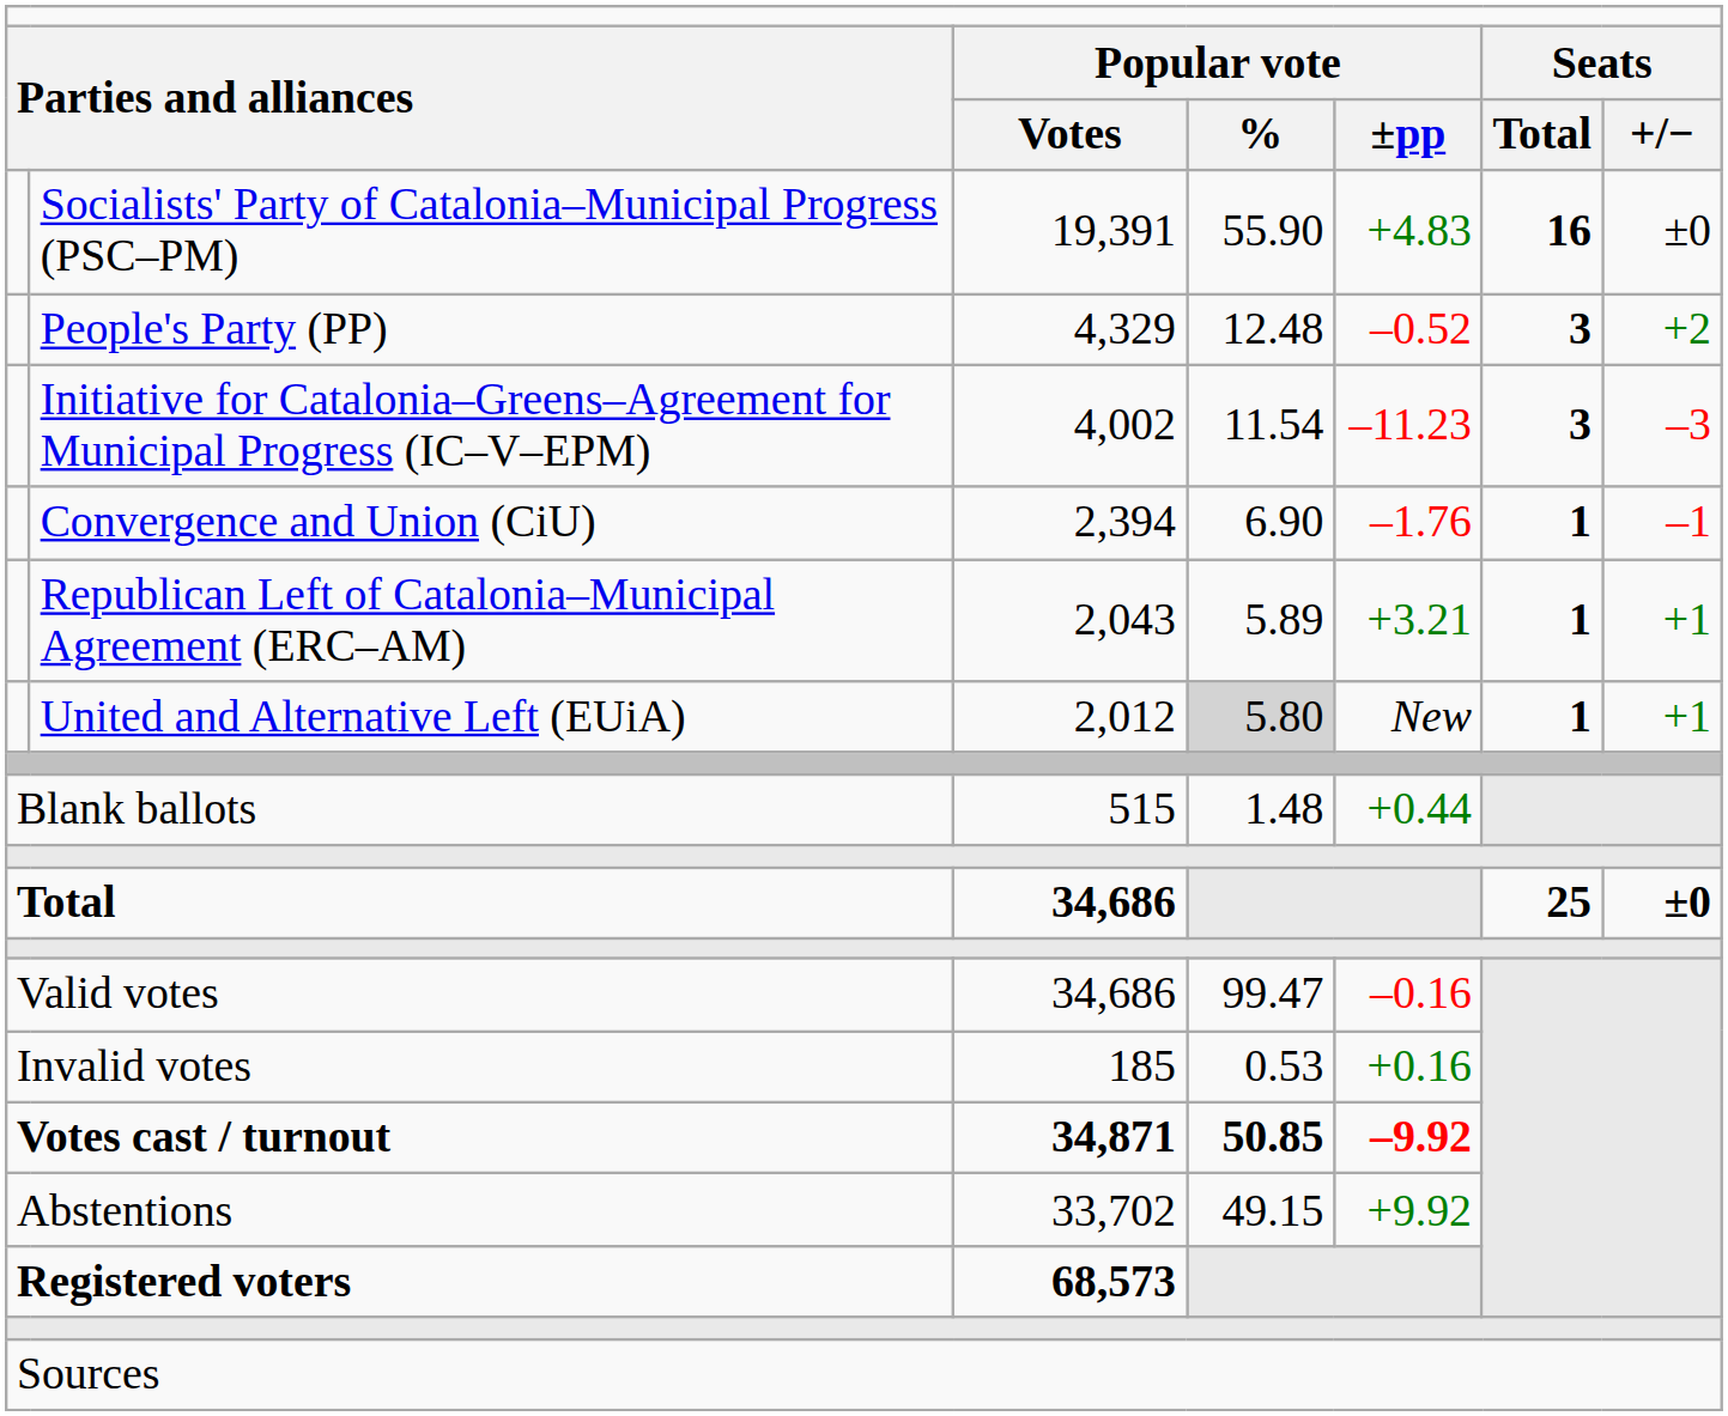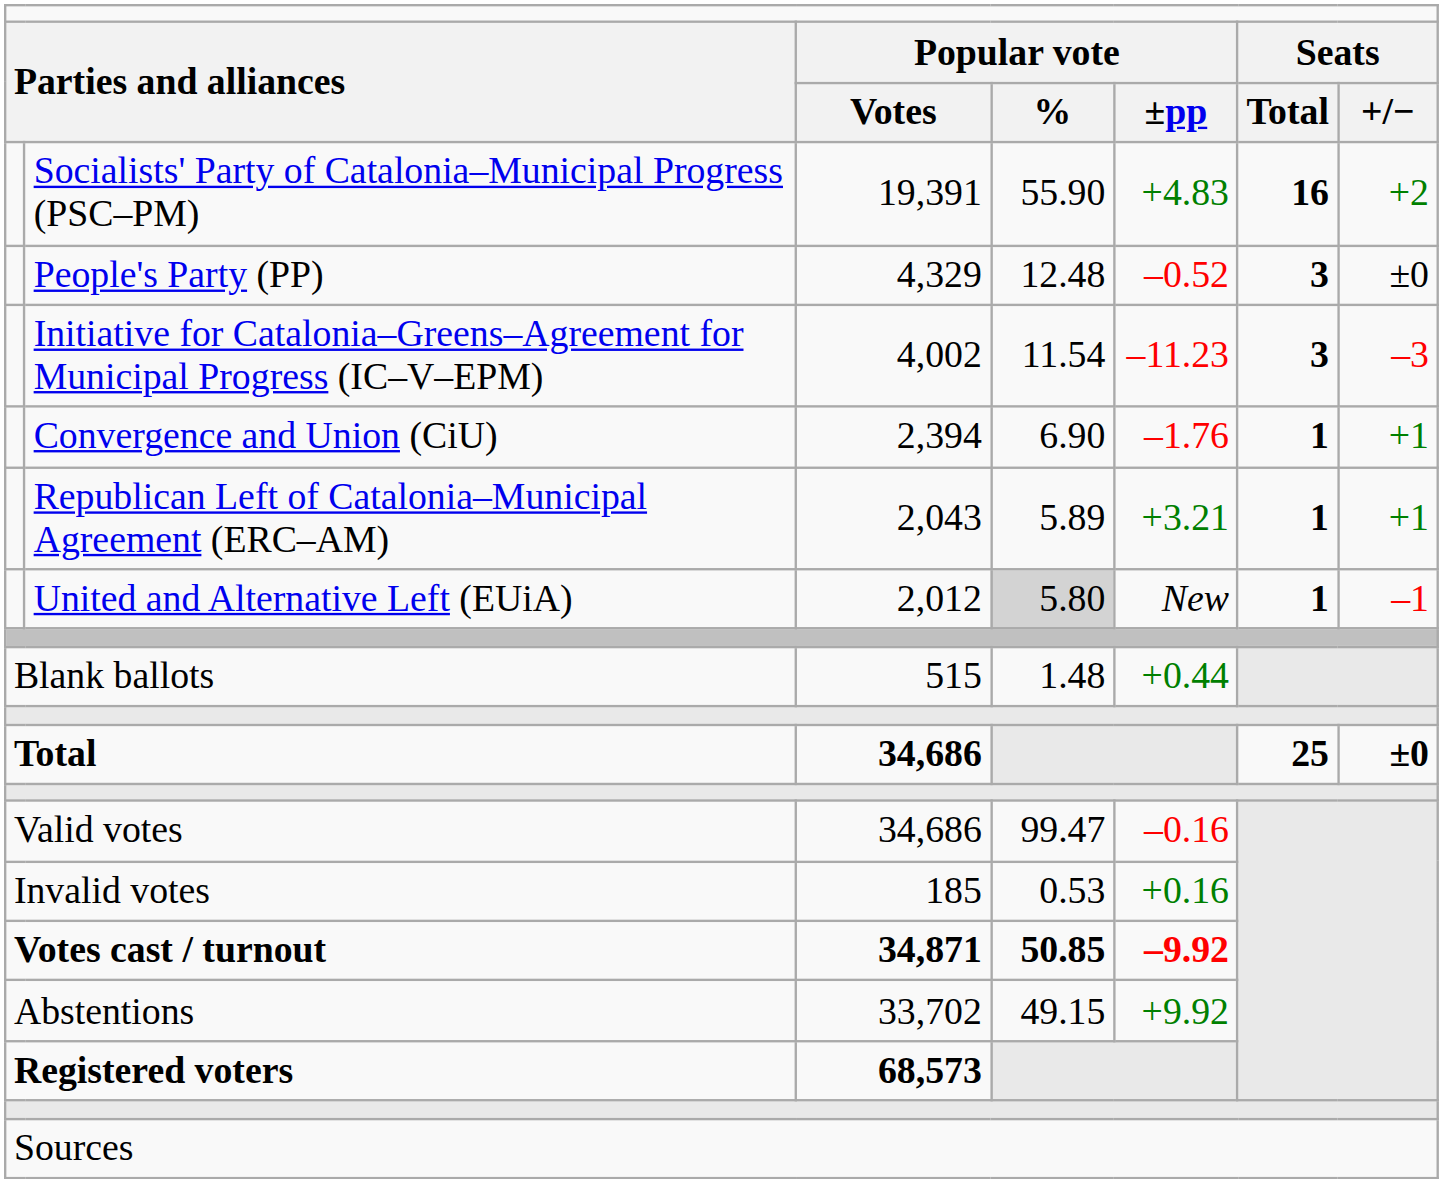 <table class="wikitable" style="text-align:right;">
 <tr>
 <td colspan="7"></td>
 </tr>
 <tr>
 <th style="text-align:left;" rowspan="2" colspan="2" width="525">Parties and alliances</th>
 <th colspan="3">Popular vote</th>
 <th colspan="2">Seats</th>
 </tr>
 <tr>
 <th width="75">Votes</th>
 <th width="45">%</th>
 <th width="45">±<a href='#'>pp</a></th>
 <th width="35">Total</th>
 <th width="35">+/−</th>
 </tr>
 <tr>
 <td width="1" style="color:inherit;background:"></td>
 <td align="left"><a href='#'>Socialists' Party of Catalonia–Municipal Progress</a> (PSC–PM)</td>
 <td>19,391</td>
 <td>55.90</td>
 <td style="color:green;">+4.83</td>
 <td><strong>16</strong></td>
-<td>±0</td>
+<td style="color:green;">+2</td>
 </tr>
 <tr>
 <td style="color:inherit;background:"></td>
 <td align="left"><a href='#'>People's Party</a> (PP)</td>
 <td>4,329</td>
 <td>12.48</td>
 <td style="color:red;">–0.52</td>
 <td><strong>3</strong></td>
-<td style="color:green;">+2</td>
+<td>±0</td>
 </tr>
 <tr>
 <td style="color:inherit;background:"></td>
 <td align="left"><a href='#'>Initiative for Catalonia–Greens–Agreement for Municipal Progress</a> (IC–V–EPM)</td>
 <td>4,002</td>
 <td>11.54</td>
 <td style="color:red;">–11.23</td>
 <td><strong>3</strong></td>
 <td style="color:red;">–3</td>
 </tr>
 <tr>
 <td style="color:inherit;background:"></td>
 <td align="left"><a href='#'>Convergence and Union</a> (CiU)</td>
 <td>2,394</td>
 <td>6.90</td>
 <td style="color:red;">–1.76</td>
 <td><strong>1</strong></td>
-<td style="color:red;">–1</td>
+<td style="color:green;">+1</td>
 </tr>
 <tr>
 <td style="color:inherit;background:"></td>
 <td align="left"><a href='#'>Republican Left of Catalonia–Municipal Agreement</a> (ERC–AM)</td>
 <td>2,043</td>
 <td>5.89</td>
 <td style="color:green;">+3.21</td>
 <td><strong>1</strong></td>
 <td style="color:green;">+1</td>
 </tr>
 <tr>
 <td style="color:inherit;background:"></td>
 <td align="left"><a href='#'>United and Alternative Left</a> (EUiA)</td>
 <td>2,012</td>
 <td style="background: lightgrey;">5.80</td>
 <td><em>New</em></td>
 <td><strong>1</strong></td>
-<td style="color:green;">+1</td>
+<td style="color:red;">–1</td>
 </tr>
 <tr>
 <td colspan="7" style="color:inherit;background:#C0C0C0"></td>
 </tr>
 <tr>
 <td align="left" colspan="2">Blank ballots</td>
 <td>515</td>
 <td>1.48</td>
 <td style="color:green;">+0.44</td>
 <td style="color:inherit;background:#E9E9E9" colspan="2"></td>
 </tr>
 <tr>
 <td colspan="7" style="color:inherit;background:#E9E9E9"></td>
 </tr>
 <tr style="font-weight:bold;">
 <td align="left" colspan="2">Total</td>
 <td>34,686</td>
 <td bgcolor="#E9E9E9" colspan="2"></td>
 <td>25</td>
 <td>±0</td>
 </tr>
 <tr>
 <td colspan="7" style="color:inherit;background:#E9E9E9"></td>
 </tr>
 <tr>
 <td align="left" colspan="2">Valid votes</td>
 <td>34,686</td>
 <td>99.47</td>
 <td style="color:red;">–0.16</td>
 <td bgcolor="#E9E9E9" colspan="2" rowspan="5"></td>
 </tr>
 <tr>
 <td align="left" colspan="2">Invalid votes</td>
 <td>185</td>
 <td>0.53</td>
 <td style="color:green;">+0.16</td>
 </tr>
 <tr style="font-weight:bold;">
 <td align="left" colspan="2">Votes cast / turnout</td>
 <td>34,871</td>
 <td>50.85</td>
 <td style="color:red;">–9.92</td>
 </tr>
 <tr>
 <td align="left" colspan="2">Abstentions</td>
 <td>33,702</td>
 <td>49.15</td>
 <td style="color:green;">+9.92</td>
 </tr>
 <tr style="font-weight:bold;">
 <td align="left" colspan="2">Registered voters</td>
 <td>68,573</td>
 <td bgcolor="#E9E9E9" colspan="2"></td>
 </tr>
 <tr>
 <td colspan="7" style="color:inherit;background:#E9E9E9"></td>
 </tr>
 <tr>
 <td align="left" colspan="7">Sources</td>
 </tr>
 </table>
